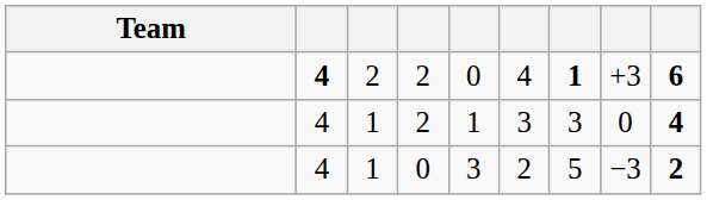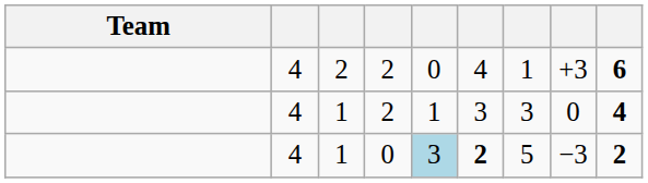 <table class="wikitable" style="text-align:center;">
 <tr>
 <th width=150>Team</th>
 <th width=20></th>
 <th width=20></th>
 <th width=20></th>
 <th width=20></th>
 <th width=20></th>
 <th width=20></th>
 <th width=20></th>
 <th width=20></th>
 </tr>
 <tr>
 <td align=left></td>
-<td><strong>4</strong></td>
+<td>4</td>
 <td>2</td>
 <td>2</td>
 <td>0</td>
 <td>4</td>
-<td><strong>1</strong></td>
+<td>1</td>
 <td>+3</td>
 <td><strong>6</strong></td>
 </tr>
 <tr>
 <td align=left></td>
 <td>4</td>
 <td>1</td>
 <td>2</td>
 <td>1</td>
 <td>3</td>
 <td>3</td>
 <td>0</td>
 <td><strong>4</strong></td>
 </tr>
 <tr>
 <td align=left></td>
 <td>4</td>
 <td>1</td>
 <td>0</td>
-<td>3</td>
-<td>2</td>
+<td style="background: lightblue;">3</td>
+<td><strong>2</strong></td>
 <td>5</td>
 <td>−3</td>
 <td><strong>2</strong></td>
 </tr>
 </table>
